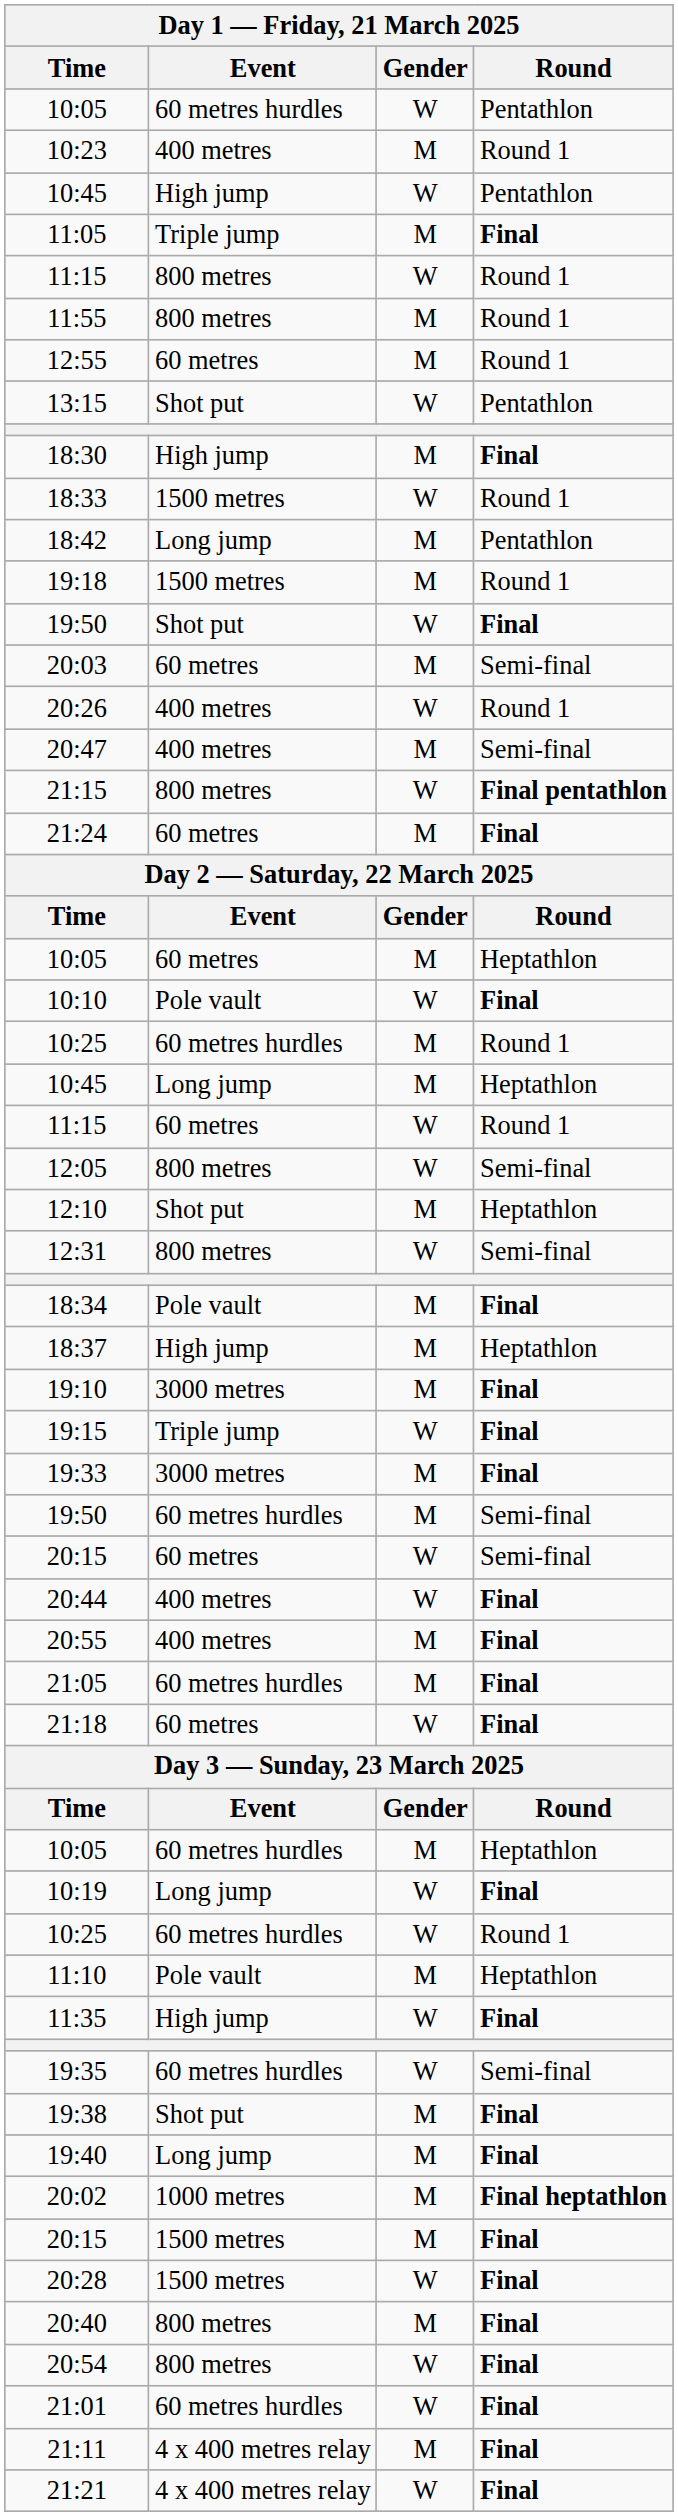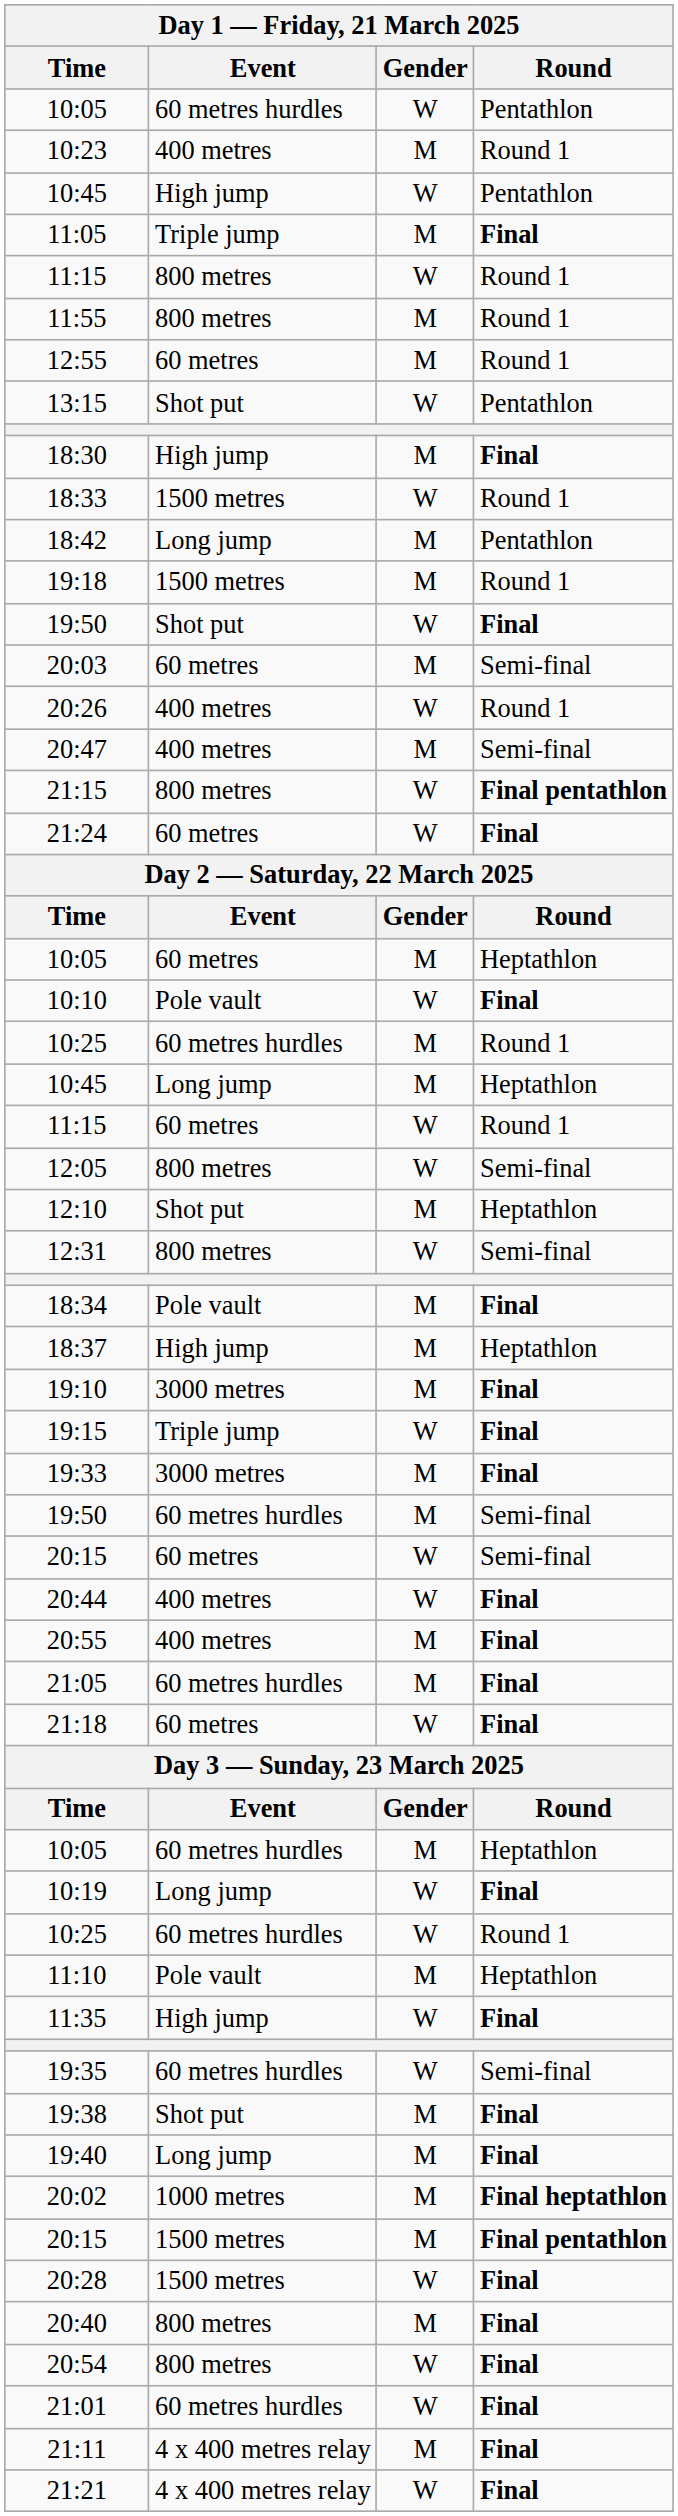 <table class="wikitable collapsible collapsed" style="border:0; position:relative; font-size:100%;">
 <tr>
 <th colspan="4">Day 1 — Friday, 21 March 2025</th>
 </tr>
 <tr>
 <th style="width:5em"><strong>Time</strong></th>
 <th><strong>Event</strong></th>
 <th><strong>Gender</strong></th>
 <th><strong>Round</strong></th>
 </tr>
 <tr>
 <td align="center">10:05</td>
 <td>60 metres hurdles</td>
 <td align="center">W</td>
 <td>Pentathlon</td>
 </tr>
 <tr>
 <td align="center">10:23</td>
 <td>400 metres</td>
 <td align="center">M</td>
 <td>Round 1</td>
 </tr>
 <tr>
 <td align="center">10:45</td>
 <td>High jump</td>
 <td align="center">W</td>
 <td>Pentathlon</td>
 </tr>
 <tr>
 <td align="center">11:05</td>
 <td>Triple jump</td>
 <td align="center">M</td>
 <td><strong>Final</strong></td>
 </tr>
 <tr>
 <td align="center">11:15</td>
 <td>800 metres</td>
 <td align="center">W</td>
 <td>Round 1</td>
 </tr>
 <tr>
 <td align="center">11:55</td>
 <td>800 metres</td>
 <td align="center">M</td>
 <td>Round 1</td>
 </tr>
 <tr>
 <td align="center">12:55</td>
 <td>60 metres</td>
 <td align="center">M</td>
 <td>Round 1</td>
 </tr>
 <tr>
 <td align="center">13:15</td>
 <td>Shot put</td>
 <td align="center">W</td>
 <td>Pentathlon</td>
 </tr>
 <tr>
 <th colspan="4"></th>
 </tr>
 <tr>
 <td align="center">18:30</td>
 <td>High jump</td>
 <td align="center">M</td>
 <td><strong>Final</strong></td>
 </tr>
 <tr>
 <td align="center">18:33</td>
 <td>1500 metres</td>
 <td align="center">W</td>
 <td>Round 1</td>
 </tr>
 <tr>
 <td align="center">18:42</td>
 <td>Long jump</td>
 <td align="center">M</td>
 <td>Pentathlon</td>
 </tr>
 <tr>
 <td align="center">19:18</td>
 <td>1500 metres</td>
 <td align="center">M</td>
 <td>Round 1</td>
 </tr>
 <tr>
 <td align="center">19:50</td>
 <td>Shot put</td>
 <td align="center">W</td>
 <td><strong>Final</strong></td>
 </tr>
 <tr>
 <td align="center">20:03</td>
 <td>60 metres</td>
 <td align="center">M</td>
 <td>Semi-final</td>
 </tr>
 <tr>
 <td align="center">20:26</td>
 <td>400 metres</td>
 <td align="center">W</td>
 <td>Round 1</td>
 </tr>
 <tr>
 <td align="center">20:47</td>
 <td>400 metres</td>
 <td align="center">M</td>
 <td>Semi-final</td>
 </tr>
 <tr>
 <td align="center">21:15</td>
 <td>800 metres</td>
 <td align="center">W</td>
 <td><strong>Final pentathlon</strong></td>
 </tr>
 <tr>
 <td align="center">21:24</td>
 <td>60 metres</td>
-<td align="center">M</td>
+<td align="center">W</td>
 <td><strong>Final</strong></td>
 </tr>
 <tr>
 <th colspan="4">Day 2 — Saturday, 22 March 2025</th>
 </tr>
 <tr>
 <th><strong>Time</strong></th>
 <th><strong>Event</strong></th>
 <th><strong>Gender</strong></th>
 <th><strong>Round</strong></th>
 </tr>
 <tr>
 <td align="center">10:05</td>
 <td>60 metres</td>
 <td align="center">M</td>
 <td>Heptathlon</td>
 </tr>
 <tr>
 <td align="center">10:10</td>
 <td>Pole vault</td>
 <td align="center">W</td>
 <td><strong>Final</strong></td>
 </tr>
 <tr>
 <td align="center">10:25</td>
 <td>60 metres hurdles</td>
 <td align="center">M</td>
 <td>Round 1</td>
 </tr>
 <tr>
 <td align="center">10:45</td>
 <td>Long jump</td>
 <td align="center">M</td>
 <td>Heptathlon</td>
 </tr>
 <tr>
 <td align="center">11:15</td>
 <td>60 metres</td>
 <td align="center">W</td>
 <td>Round 1</td>
 </tr>
 <tr>
 <td align="center">12:05</td>
 <td>800 metres</td>
 <td align="center">W</td>
 <td>Semi-final</td>
 </tr>
 <tr>
 <td align="center">12:10</td>
 <td>Shot put</td>
 <td align="center">M</td>
 <td>Heptathlon</td>
 </tr>
 <tr>
 <td align="center">12:31</td>
 <td>800 metres</td>
 <td align="center">W</td>
 <td>Semi-final</td>
 </tr>
 <tr>
 <th colspan="4"></th>
 </tr>
 <tr>
 <td align="center">18:34</td>
 <td>Pole vault</td>
 <td align="center">M</td>
 <td><strong>Final</strong></td>
 </tr>
 <tr>
 <td align="center">18:37</td>
 <td>High jump</td>
 <td align="center">M</td>
 <td>Heptathlon</td>
 </tr>
 <tr>
 <td align="center">19:10</td>
 <td>3000 metres</td>
 <td align="center">M</td>
 <td><strong>Final</strong></td>
 </tr>
 <tr>
 <td align="center">19:15</td>
 <td>Triple jump</td>
 <td align="center">W</td>
 <td><strong>Final</strong></td>
 </tr>
 <tr>
 <td align="center">19:33</td>
 <td>3000 metres</td>
 <td align="center">M</td>
 <td><strong>Final</strong></td>
 </tr>
 <tr>
 <td align="center">19:50</td>
 <td>60 metres hurdles</td>
 <td align="center">M</td>
 <td>Semi-final</td>
 </tr>
 <tr>
 <td align="center">20:15</td>
 <td>60 metres</td>
 <td align="center">W</td>
 <td>Semi-final</td>
 </tr>
 <tr>
 <td align="center">20:44</td>
 <td>400 metres</td>
 <td align="center">W</td>
 <td><strong>Final</strong></td>
 </tr>
 <tr>
 <td align="center">20:55</td>
 <td>400 metres</td>
 <td align="center">M</td>
 <td><strong>Final</strong></td>
 </tr>
 <tr>
 <td align="center">21:05</td>
 <td>60 metres hurdles</td>
 <td align="center">M</td>
 <td><strong>Final</strong></td>
 </tr>
 <tr>
 <td align="center">21:18</td>
 <td>60 metres</td>
 <td align="center">W</td>
 <td><strong>Final</strong></td>
 </tr>
 <tr>
 <th colspan="4">Day 3 — Sunday, 23 March 2025</th>
 </tr>
 <tr>
 <th><strong>Time</strong></th>
 <th><strong>Event</strong></th>
 <th><strong>Gender</strong></th>
 <th><strong>Round</strong></th>
 </tr>
 <tr>
 <td align="center">10:05</td>
 <td>60 metres hurdles</td>
 <td align="center">M</td>
 <td>Heptathlon</td>
 </tr>
 <tr>
 <td align="center">10:19</td>
 <td>Long jump</td>
 <td align="center">W</td>
 <td><strong>Final</strong></td>
 </tr>
 <tr>
 <td align="center">10:25</td>
 <td>60 metres hurdles</td>
 <td align="center">W</td>
 <td>Round 1</td>
 </tr>
 <tr>
 <td align="center">11:10</td>
 <td>Pole vault</td>
 <td align="center">M</td>
 <td>Heptathlon</td>
 </tr>
 <tr>
 <td align="center">11:35</td>
 <td>High jump</td>
 <td align="center">W</td>
 <td><strong>Final</strong></td>
 </tr>
 <tr>
 <th colspan="4"></th>
 </tr>
 <tr>
 <td align="center">19:35</td>
 <td>60 metres hurdles</td>
 <td align="center">W</td>
 <td>Semi-final</td>
 </tr>
 <tr>
 <td align="center">19:38</td>
 <td>Shot put</td>
 <td align="center">M</td>
 <td><strong>Final</strong></td>
 </tr>
 <tr>
 <td align="center">19:40</td>
 <td>Long jump</td>
 <td align="center">M</td>
 <td><strong>Final</strong></td>
 </tr>
 <tr>
 <td align="center">20:02</td>
 <td>1000 metres</td>
 <td align="center">M</td>
 <td><strong>Final heptathlon</strong></td>
 </tr>
 <tr>
 <td align="center">20:15</td>
 <td>1500 metres</td>
 <td align="center">M</td>
-<td><strong>Final</strong></td>
+<td><strong>Final pentathlon</strong></td>
 </tr>
 <tr>
 <td align="center">20:28</td>
 <td>1500 metres</td>
 <td align="center">W</td>
 <td><strong>Final</strong></td>
 </tr>
 <tr>
 <td align="center">20:40</td>
 <td>800 metres</td>
 <td align="center">M</td>
 <td><strong>Final</strong></td>
 </tr>
 <tr>
 <td align="center">20:54</td>
 <td>800 metres</td>
 <td align="center">W</td>
 <td><strong>Final</strong></td>
 </tr>
 <tr>
 <td align="center">21:01</td>
 <td>60 metres hurdles</td>
 <td align="center">W</td>
 <td><strong>Final</strong></td>
 </tr>
 <tr>
 <td align="center">21:11</td>
 <td>4 x 400 metres relay</td>
 <td align="center">M</td>
 <td><strong>Final</strong></td>
 </tr>
 <tr>
 <td align="center">21:21</td>
 <td>4 x 400 metres relay</td>
 <td align="center">W</td>
 <td><strong>Final</strong></td>
 </tr>
 </table>
